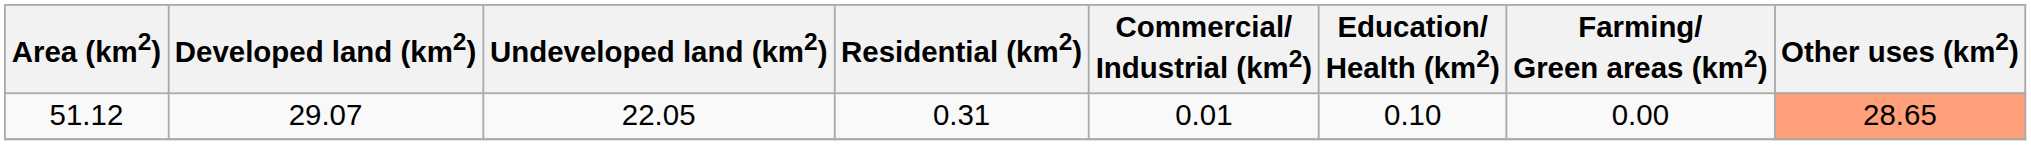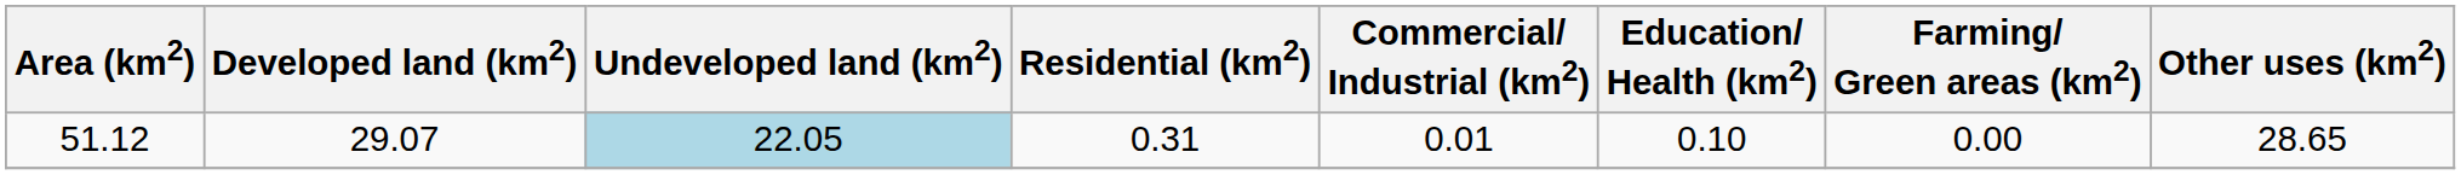 <table class="wikitable" style="text-align: center;">
 <tr>
 <th>Area (km<sup>2</sup>)</th>
 <th>Developed land (km<sup>2</sup>)</th>
 <th>Undeveloped land (km<sup>2</sup>)</th>
 <th>Residential (km<sup>2</sup>)</th>
 <th>Commercial/<br> Industrial (km<sup>2</sup>)</th>
 <th>Education/<br> Health (km<sup>2</sup>)</th>
 <th>Farming/<br> Green areas (km<sup>2</sup>)</th>
 <th>Other uses (km<sup>2</sup>)</th>
 </tr>
 <tr>
 <td>51.12</td>
 <td>29.07</td>
-<td>22.05</td>
+<td style="background: lightblue;">22.05</td>
 <td>0.31</td>
 <td>0.01</td>
 <td>0.10</td>
 <td>0.00</td>
-<td style="background: lightsalmon;">28.65</td>
+<td>28.65</td>
 </tr>
 <tr>
 </tr>
 </table>
